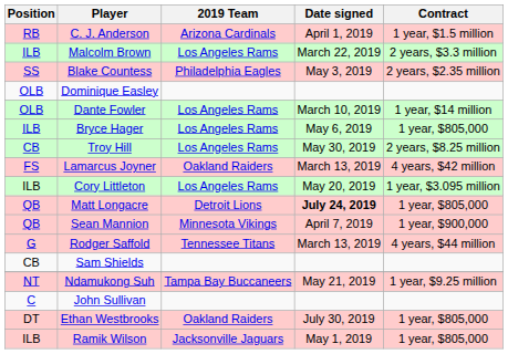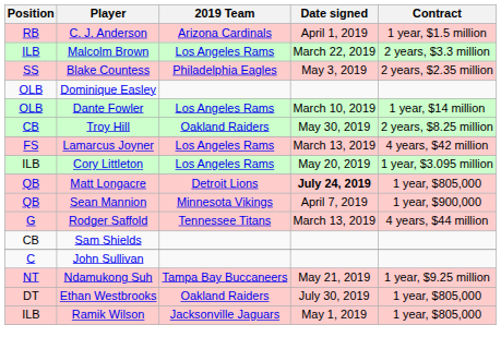 <table class="wikitable" style="text-align:center">
 <tr>
 <th>Position</th>
 <th>Player</th>
 <th>2019 Team</th>
 <th>Date signed</th>
 <th>Contract</th>
 </tr>
 <tr style="background:#fcc">
 <td><a href='#'>RB</a></td>
 <td><a href='#'>C. J. Anderson</a></td>
 <td><a href='#'>Arizona Cardinals</a></td>
 <td>April 1, 2019</td>
 <td>1 year, $1.5 million</td>
 </tr>
 <tr style="background:#cfc">
 <td><a href='#'>ILB</a></td>
 <td><a href='#'>Malcolm Brown</a></td>
 <td><a href='#'>Los Angeles Rams</a></td>
 <td>March 22, 2019</td>
 <td>2 years, $3.3 million</td>
 </tr>
 <tr style="background:#fcc">
 <td><a href='#'>SS</a></td>
 <td><a href='#'>Blake Countess</a></td>
 <td><a href='#'>Philadelphia Eagles</a></td>
 <td>May 3, 2019</td>
 <td>2 years, $2.35 million</td>
 </tr>
 <tr>
 <td><a href='#'>OLB</a></td>
 <td><a href='#'>Dominique Easley</a></td>
 <td></td>
 <td></td>
 <td></td>
 </tr>
 <tr style="background:#cfc">
 <td><a href='#'>OLB</a></td>
 <td><a href='#'>Dante Fowler</a></td>
 <td><a href='#'>Los Angeles Rams</a></td>
 <td>March 10, 2019</td>
 <td>1 year, $14 million</td>
 </tr>
 <tr style="background:#cfc">
-<td><a href='#'>ILB</a></td>
-<td><a href='#'>Bryce Hager</a></td>
-<td><a href='#'>Los Angeles Rams</a></td>
-<td>May 6, 2019</td>
-<td>1 year, $805,000</td>
-</tr>
-<tr style="background:#cfc">
 <td><a href='#'>CB</a></td>
 <td><a href='#'>Troy Hill</a></td>
-<td><a href='#'>Los Angeles Rams</a></td>
+<td><a href='#'>Oakland Raiders</a></td>
 <td>May 30, 2019</td>
 <td>2 years, $8.25 million</td>
 </tr>
 <tr style="background:#fcc">
 <td><a href='#'>FS</a></td>
 <td><a href='#'>Lamarcus Joyner</a></td>
-<td><a href='#'>Oakland Raiders</a></td>
+<td><a href='#'>Los Angeles Rams</a></td>
 <td>March 13, 2019</td>
 <td>4 years, $42 million</td>
 </tr>
 <tr style="background:#cfc">
 <td>ILB</td>
 <td><a href='#'>Cory Littleton</a></td>
 <td><a href='#'>Los Angeles Rams</a></td>
 <td>May 20, 2019</td>
 <td>1 year, $3.095 million</td>
 </tr>
 <tr style="background:#fcc">
 <td><a href='#'>QB</a></td>
 <td><a href='#'>Matt Longacre</a></td>
 <td><a href='#'>Detroit Lions</a></td>
 <td><strong>July 24, 2019</strong></td>
 <td>1 year, $805,000</td>
 </tr>
 <tr style="background:#fcc">
 <td><a href='#'>QB</a></td>
 <td><a href='#'>Sean Mannion</a></td>
 <td><a href='#'>Minnesota Vikings</a></td>
 <td>April 7, 2019</td>
 <td>1 year, $900,000</td>
 </tr>
 <tr style="background:#fcc">
 <td><a href='#'>G</a></td>
 <td><a href='#'>Rodger Saffold</a></td>
 <td><a href='#'>Tennessee Titans</a></td>
 <td>March 13, 2019</td>
 <td>4 years, $44 million</td>
 </tr>
 <tr>
 <td>CB</td>
 <td><a href='#'>Sam Shields</a></td>
 <td></td>
 <td></td>
 <td></td>
 </tr>
 <tr>
 </tr>
+<tr>
+<td><a href='#'>C</a></td>
+<td><a href='#'>John Sullivan</a></td>
+<td></td>
+<td></td>
+<td></td>
+</tr>
 <tr style="background:#fcc">
 <td><a href='#'>NT</a></td>
 <td><a href='#'>Ndamukong Suh</a></td>
 <td><a href='#'>Tampa Bay Buccaneers</a></td>
 <td>May 21, 2019</td>
 <td>1 year, $9.25 million</td>
-</tr>
-<tr>
-<td><a href='#'>C</a></td>
-<td><a href='#'>John Sullivan</a></td>
-<td></td>
-<td></td>
-<td></td>
 </tr>
 <tr style="background:#fcc">
 <td>DT</td>
 <td><a href='#'>Ethan Westbrooks</a></td>
 <td><a href='#'>Oakland Raiders</a></td>
 <td>July 30, 2019</td>
 <td>1 year, $805,000</td>
 </tr>
 <tr style="background:#fcc">
 <td>ILB</td>
 <td><a href='#'>Ramik Wilson</a></td>
 <td><a href='#'>Jacksonville Jaguars</a></td>
 <td>May 1, 2019</td>
 <td>1 year, $805,000</td>
 </tr>
 </table>
